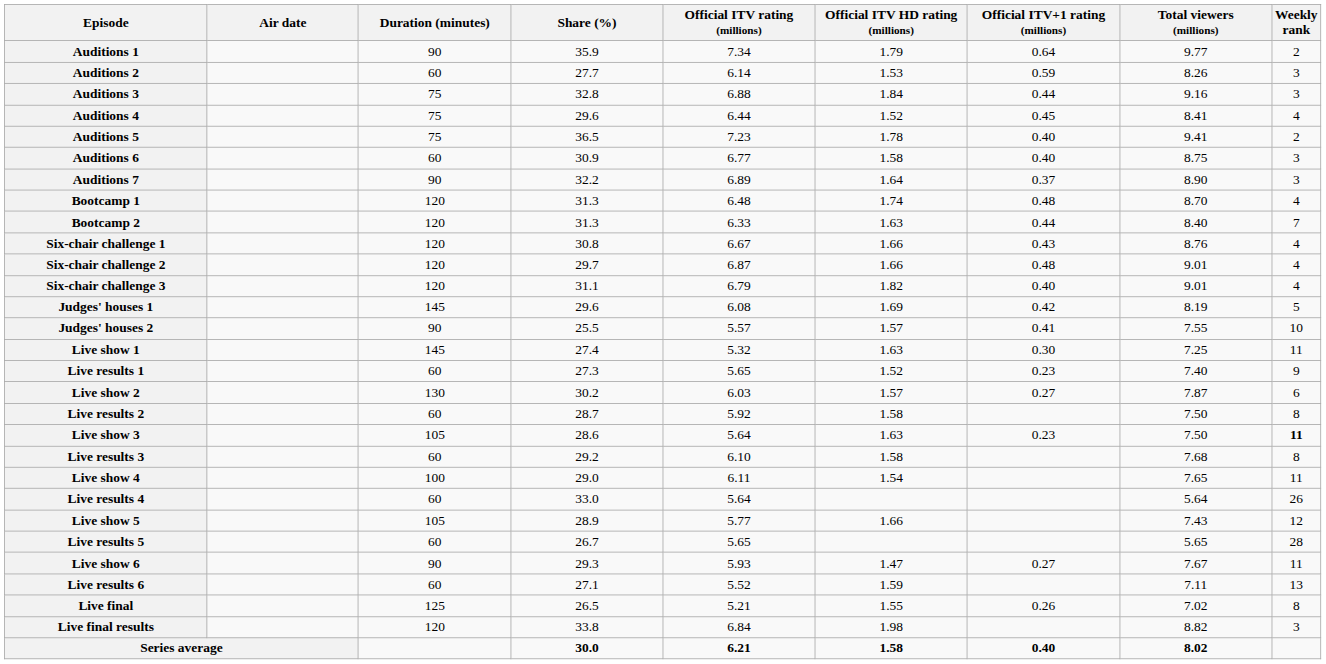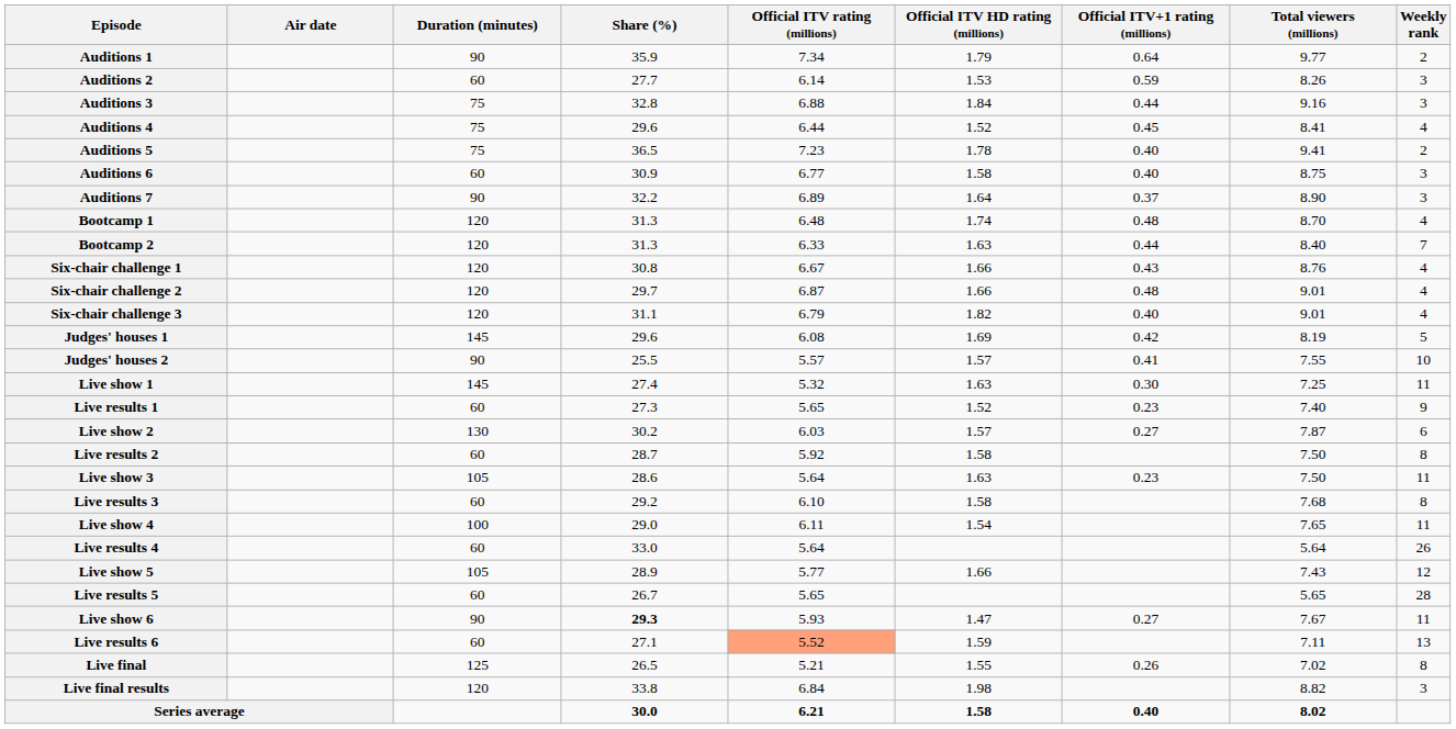 <table class="wikitable sortable" style="text-align:center">
 <tr>
 <th scope="col" style="width:16%">Episode</th>
 <th scope="col" style="width:12%">Air date</th>
 <th scope="col" style="width:12%">Duration (minutes)</th>
 <th scope="col" style="width:12%">Share (%)</th>
 <th scope="col" style="width:12%">Official ITV rating<br><small>(millions)</small></th>
 <th scope="col" style="width:12%">Official ITV HD rating<br><small>(millions)</small></th>
 <th scope="col" style="width:12%">Official ITV+1 rating<br><small>(millions)</small></th>
 <th scope="col" style="width:12%">Total viewers<br><small>(millions)</small></th>
 <th scope="col" style="width:12%">Weekly rank</th>
 </tr>
 <tr>
 <th scope="row">Auditions 1</th>
 <td></td>
 <td>90</td>
 <td>35.9</td>
 <td>7.34</td>
 <td>1.79</td>
 <td>0.64</td>
 <td>9.77</td>
 <td>2</td>
 </tr>
 <tr>
 <th scope="row">Auditions 2</th>
 <td></td>
 <td>60</td>
 <td>27.7</td>
 <td>6.14</td>
 <td>1.53</td>
 <td>0.59</td>
 <td>8.26</td>
 <td>3</td>
 </tr>
 <tr>
 <th scope="row">Auditions 3</th>
 <td></td>
 <td>75</td>
 <td>32.8</td>
 <td>6.88</td>
 <td>1.84</td>
 <td>0.44</td>
 <td>9.16</td>
 <td>3</td>
 </tr>
 <tr>
 <th scope="row">Auditions 4</th>
 <td></td>
 <td>75</td>
 <td>29.6</td>
 <td>6.44</td>
 <td>1.52</td>
 <td>0.45</td>
 <td>8.41</td>
 <td>4</td>
 </tr>
 <tr>
 <th scope="row">Auditions 5</th>
 <td></td>
 <td>75</td>
 <td>36.5</td>
 <td>7.23</td>
 <td>1.78</td>
 <td>0.40</td>
 <td>9.41</td>
 <td>2</td>
 </tr>
 <tr>
 <th scope="row">Auditions 6</th>
 <td></td>
 <td>60</td>
 <td>30.9</td>
 <td>6.77</td>
 <td>1.58</td>
 <td>0.40</td>
 <td>8.75</td>
 <td>3</td>
 </tr>
 <tr>
 <th Scope="row">Auditions 7</th>
 <td></td>
 <td>90</td>
 <td>32.2</td>
 <td>6.89</td>
 <td>1.64</td>
 <td>0.37</td>
 <td>8.90</td>
 <td>3</td>
 </tr>
 <tr>
 <th Scope="row">Bootcamp 1</th>
 <td></td>
 <td>120</td>
 <td>31.3</td>
 <td>6.48</td>
 <td>1.74</td>
 <td>0.48</td>
 <td>8.70</td>
 <td>4</td>
 </tr>
 <tr>
 <th Scope="row">Bootcamp 2</th>
 <td></td>
 <td>120</td>
 <td>31.3</td>
 <td>6.33</td>
 <td>1.63</td>
 <td>0.44</td>
 <td>8.40</td>
 <td>7</td>
 </tr>
 <tr>
 <th Scope="row">Six-chair challenge 1</th>
 <td></td>
 <td>120</td>
 <td>30.8</td>
 <td>6.67</td>
 <td>1.66</td>
 <td>0.43</td>
 <td>8.76</td>
 <td>4</td>
 </tr>
 <tr>
 <th Scope="row">Six-chair challenge 2</th>
 <td></td>
 <td>120</td>
 <td>29.7</td>
 <td>6.87</td>
 <td>1.66</td>
 <td>0.48</td>
 <td>9.01</td>
 <td>4</td>
 </tr>
 <tr>
 <th Scope="row">Six-chair challenge 3</th>
 <td></td>
 <td>120</td>
 <td>31.1</td>
 <td>6.79</td>
 <td>1.82</td>
 <td>0.40</td>
 <td>9.01</td>
 <td>4</td>
 </tr>
 <tr>
 <th Scope="row">Judges' houses 1</th>
 <td></td>
 <td>145</td>
 <td>29.6</td>
 <td>6.08</td>
 <td>1.69</td>
 <td>0.42</td>
 <td>8.19</td>
 <td>5</td>
 </tr>
 <tr>
 <th Scope="row">Judges' houses 2</th>
 <td></td>
 <td>90</td>
 <td>25.5</td>
 <td>5.57</td>
 <td>1.57</td>
 <td>0.41</td>
 <td>7.55</td>
 <td>10</td>
 </tr>
 <tr>
 <th Scope="row">Live show 1</th>
 <td></td>
 <td>145</td>
 <td>27.4</td>
 <td>5.32</td>
 <td>1.63</td>
 <td>0.30</td>
 <td>7.25</td>
 <td>11</td>
 </tr>
 <tr>
 <th Scope="row">Live results 1</th>
 <td></td>
 <td>60</td>
 <td>27.3</td>
 <td>5.65</td>
 <td>1.52</td>
 <td>0.23</td>
 <td>7.40</td>
 <td>9</td>
 </tr>
 <tr>
 <th Scope="row">Live show 2</th>
 <td></td>
 <td>130</td>
 <td>30.2</td>
 <td>6.03</td>
 <td>1.57</td>
 <td>0.27</td>
 <td>7.87</td>
 <td>6</td>
 </tr>
 <tr>
 <th Scope="row">Live results 2</th>
 <td></td>
 <td>60</td>
 <td>28.7</td>
 <td>5.92</td>
 <td>1.58</td>
 <td></td>
 <td>7.50</td>
 <td>8</td>
 </tr>
 <tr>
 <th Scope="row">Live show 3</th>
 <td></td>
 <td>105</td>
 <td>28.6</td>
 <td>5.64</td>
 <td>1.63</td>
 <td>0.23</td>
 <td>7.50</td>
-<td><strong>11</strong></td>
+<td>11</td>
 </tr>
 <tr>
 <th Scope="row">Live results 3</th>
 <td></td>
 <td>60</td>
 <td>29.2</td>
 <td>6.10</td>
 <td>1.58</td>
 <td></td>
 <td>7.68</td>
 <td>8</td>
 </tr>
 <tr>
 <th Scope="row">Live show 4</th>
 <td></td>
 <td>100</td>
 <td>29.0</td>
 <td>6.11</td>
 <td>1.54</td>
 <td></td>
 <td>7.65</td>
 <td>11</td>
 </tr>
 <tr>
 <th Scope="row">Live results 4</th>
 <td></td>
 <td>60</td>
 <td>33.0</td>
 <td>5.64</td>
 <td></td>
 <td></td>
 <td>5.64</td>
 <td>26</td>
 </tr>
 <tr>
 <th Scope="row">Live show 5</th>
 <td></td>
 <td>105</td>
 <td>28.9</td>
 <td>5.77</td>
 <td>1.66</td>
 <td></td>
 <td>7.43</td>
 <td>12</td>
 </tr>
 <tr>
 <th Scope="row">Live results 5</th>
 <td></td>
 <td>60</td>
 <td>26.7</td>
 <td>5.65</td>
 <td></td>
 <td></td>
 <td>5.65</td>
 <td>28</td>
 </tr>
 <tr>
 <th Scope="row">Live show 6</th>
 <td></td>
 <td>90</td>
-<td>29.3</td>
+<td><strong>29.3</strong></td>
 <td>5.93</td>
 <td>1.47</td>
 <td>0.27</td>
 <td>7.67</td>
 <td>11</td>
 </tr>
 <tr>
 <th Scope="row">Live results 6</th>
 <td></td>
 <td>60</td>
 <td>27.1</td>
-<td>5.52</td>
+<td style="background: lightsalmon;">5.52</td>
 <td>1.59</td>
 <td></td>
 <td>7.11</td>
 <td>13</td>
 </tr>
 <tr>
 <th Scope="row">Live final</th>
 <td></td>
 <td>125</td>
 <td>26.5</td>
 <td>5.21</td>
 <td>1.55</td>
 <td>0.26</td>
 <td>7.02</td>
 <td>8</td>
 </tr>
 <tr>
 <th Scope="row">Live final results</th>
 <td></td>
 <td>120</td>
 <td>33.8</td>
 <td>6.84</td>
 <td>1.98</td>
 <td></td>
 <td>8.82</td>
 <td>3</td>
 </tr>
 <tr>
 <th colspan="2" scope="row">Series average</th>
 <td></td>
 <td><strong>30.0</strong></td>
 <td><strong>6.21</strong></td>
 <td><strong>1.58</strong></td>
 <td><strong>0.40</strong></td>
 <td><strong>8.02</strong></td>
 <td></td>
 </tr>
 </table>
